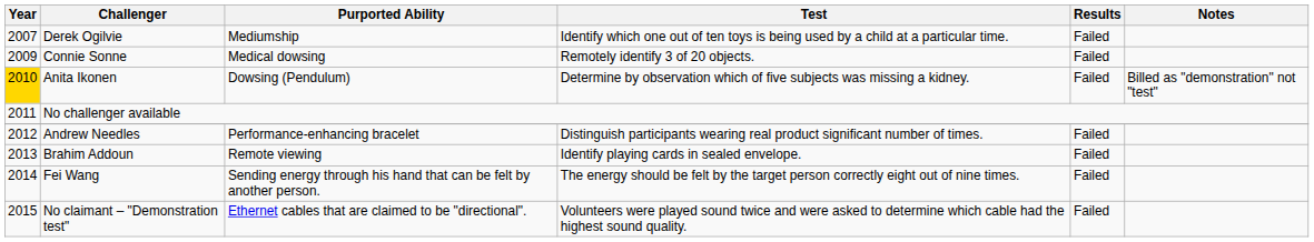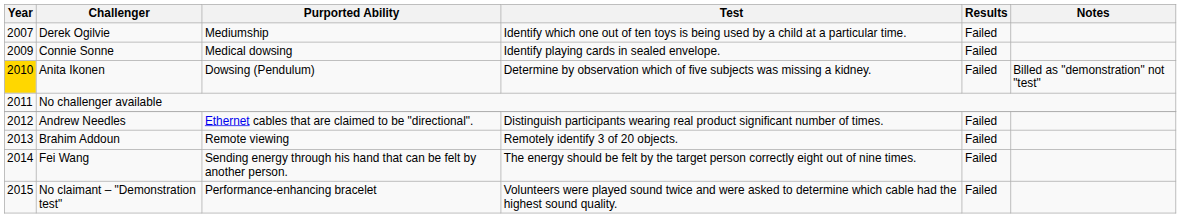 <table width="100%" border="1" class="wikitable">
 <tr valign="top">
 <th><strong>Year</strong></th>
 <th><strong>Challenger</strong></th>
 <th><strong>Purported Ability</strong></th>
 <th><strong>Test</strong></th>
 <th><strong>Results</strong></th>
 <th><strong>Notes</strong></th>
 </tr>
 <tr valign="top">
 <td>2007</td>
 <td>Derek Ogilvie</td>
 <td>Mediumship</td>
 <td>Identify which one out of ten toys is being used by a child at a particular time.</td>
 <td>Failed</td>
 <td></td>
 </tr>
 <tr valign="top">
 <td>2009</td>
 <td>Connie Sonne</td>
 <td>Medical dowsing</td>
-<td>Remotely identify 3 of 20 objects.</td>
+<td>Identify playing cards in sealed envelope.</td>
 <td>Failed</td>
 <td></td>
 </tr>
 <tr valign="top">
 <td style="background: gold;">2010</td>
 <td>Anita Ikonen</td>
 <td>Dowsing (Pendulum)</td>
 <td>Determine by observation which of five subjects was missing a kidney.</td>
 <td>Failed</td>
 <td>Billed as "demonstration" not "test"</td>
 </tr>
 <tr valign="top">
 <td>2011</td>
 <td colspan="5">No challenger available</td>
 </tr>
 <tr>
 </tr>
 <tr>
 </tr>
 <tr>
 </tr>
 <tr valign="top">
 <td>2012</td>
 <td>Andrew Needles</td>
-<td>Performance-enhancing bracelet</td>
+<td><a href='#'>Ethernet</a> cables that are claimed to be "directional".</td>
 <td>Distinguish participants wearing real product significant number of times.</td>
 <td>Failed</td>
 <td></td>
 </tr>
 <tr valign="top">
 <td>2013</td>
 <td>Brahim Addoun</td>
 <td>Remote viewing</td>
-<td>Identify playing cards in sealed envelope.</td>
+<td>Remotely identify 3 of 20 objects.</td>
 <td>Failed</td>
 <td></td>
 </tr>
 <tr valign="top">
 <td>2014</td>
 <td>Fei Wang</td>
 <td>Sending energy through his hand that can be felt by another person.</td>
 <td>The energy should be felt by the target person correctly eight out of nine times.</td>
 <td>Failed</td>
 <td></td>
 </tr>
 <tr valign="top">
 <td>2015</td>
 <td>No claimant – "Demonstration test"</td>
-<td><a href='#'>Ethernet</a> cables that are claimed to be "directional".</td>
+<td>Performance-enhancing bracelet</td>
 <td>Volunteers were played sound twice and were asked to determine which cable had the highest sound quality.</td>
 <td>Failed</td>
 <td></td>
 </tr>
 </table>
